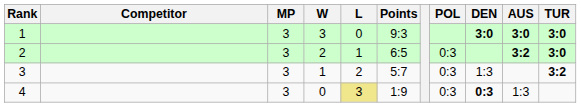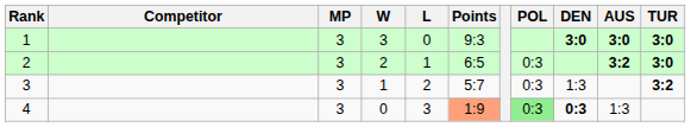 <table class="wikitable" style="text-align:center">
 <tr>
 <th>Rank</th>
 <th style="width:18em">Competitor</th>
 <th style="width:2.5em">MP</th>
 <th style="width:2.5em">W</th>
 <th style="width:2.5em">L</th>
 <th>Points</th>
 <th rowspan="5"> </th>
 <th style="width:2.5em">POL</th>
 <th style="width:2.5em">DEN</th>
 <th style="width:2.5em">AUS</th>
 <th style="width:2.5em">TUR</th>
 </tr>
 <tr style="background:#cfc;">
 <td>1</td>
 <td style="text-align:left"></td>
 <td>3</td>
 <td>3</td>
 <td>0</td>
 <td>9:3</td>
 <td></td>
 <td><strong>3:0</strong></td>
 <td><strong>3:0</strong></td>
 <td><strong>3:0</strong></td>
 </tr>
 <tr style="background:#cfc;">
 <td>2</td>
 <td style="text-align:left"></td>
 <td>3</td>
 <td>2</td>
 <td>1</td>
 <td>6:5</td>
 <td>0:3</td>
 <td></td>
 <td><strong>3:2</strong></td>
 <td><strong>3:0</strong></td>
 </tr>
 <tr>
 <td>3</td>
 <td style="text-align:left"></td>
 <td>3</td>
 <td>1</td>
 <td>2</td>
 <td>5:7</td>
 <td>0:3</td>
 <td>1:3</td>
 <td></td>
 <td><strong>3:2</strong></td>
 </tr>
 <tr>
 <td>4</td>
 <td style="text-align:left"></td>
 <td>3</td>
 <td>0</td>
-<td style="background: khaki;">3</td>
-<td>1:9</td>
-<td>0:3</td>
+<td>3</td>
+<td style="background: lightsalmon;">1:9</td>
+<td style="background: lightgreen;">0:3</td>
 <td><strong>0:3</strong></td>
 <td>1:3</td>
 <td></td>
 </tr>
 </table>
